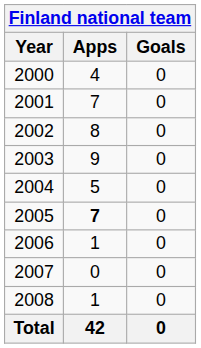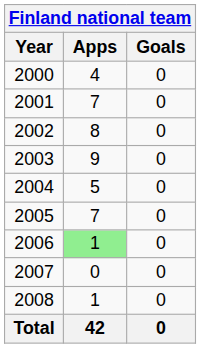 <table class="wikitable" style="text-align:center">
 <tr>
 <th colspan=3><a href='#'>Finland national team</a></th>
 </tr>
 <tr>
 <th>Year</th>
 <th>Apps</th>
 <th>Goals</th>
 </tr>
 <tr>
 <td>2000</td>
 <td>4</td>
 <td>0</td>
 </tr>
 <tr>
 <td>2001</td>
 <td>7</td>
 <td>0</td>
 </tr>
 <tr>
 <td>2002</td>
 <td>8</td>
 <td>0</td>
 </tr>
 <tr>
 <td>2003</td>
 <td>9</td>
 <td>0</td>
 </tr>
 <tr>
 <td>2004</td>
 <td>5</td>
 <td>0</td>
 </tr>
 <tr>
 <td>2005</td>
-<td><strong>7</strong></td>
+<td>7</td>
 <td>0</td>
 </tr>
 <tr>
 <td>2006</td>
-<td>1</td>
+<td style="background: lightgreen;">1</td>
 <td>0</td>
 </tr>
 <tr>
 <td>2007</td>
 <td>0</td>
 <td>0</td>
 </tr>
 <tr>
 <td>2008</td>
 <td>1</td>
 <td>0</td>
 </tr>
 <tr>
 <th>Total</th>
 <th>42</th>
 <th>0</th>
 </tr>
 </table>
